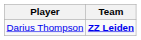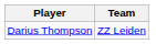 <table class="wikitable">
 <tr>
 <th>Player</th>
 <th>Team</th>
 </tr>
 <tr>
 <td> <a href='#'>Darius Thompson</a></td>
-<td><strong><a href='#'>ZZ Leiden</a></strong></td>
+<td><a href='#'>ZZ Leiden</a></td>
 </tr>
 </table>
